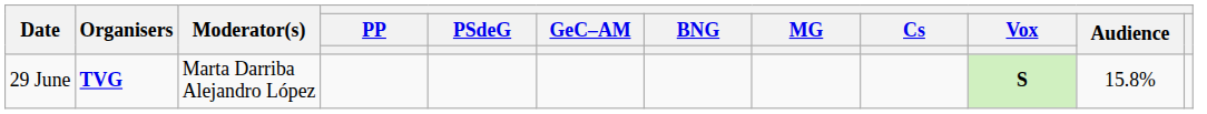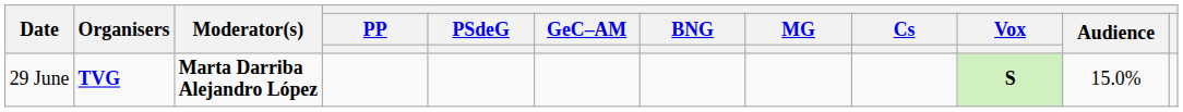 <table class="wikitable" style="text-align:center;">
 <tr>
 <th rowspan="3">Date</th>
 <th rowspan="3">Organisers</th>
 <th rowspan="3">Moderator(s)</th>
 <th colspan="9">    </th>
 </tr>
 <tr>
 <th scope="col" style="width:5em;"><a href='#'>PP</a></th>
 <th scope="col" style="width:5em;"><a href='#'>PSdeG</a></th>
 <th scope="col" style="width:5em;"><a href='#'>GeC–AM</a></th>
 <th scope="col" style="width:5em;"><a href='#'>BNG</a></th>
 <th scope="col" style="width:5em;"><a href='#'>MG</a></th>
 <th scope="col" style="width:5em;"><a href='#'>Cs</a></th>
 <th scope="col" style="width:5em;"><a href='#'>Vox</a></th>
 <th rowspan="2" scope="col" style="width:5em;">Audience</th>
 <th rowspan="2"></th>
 </tr>
 <tr>
 <th style="color:inherit;background:"></th>
 <th style="color:inherit;background:"></th>
 <th style="color:inherit;background:"></th>
 <th style="color:inherit;background:"></th>
 <th style="color:inherit;background:"></th>
 <th style="color:inherit;background:"></th>
 <th style="color:inherit;background:"></th>
 </tr>
 <tr>
 <td style="white-space:nowrap; text-align:left;">29 June</td>
 <td style="white-space:nowrap; text-align:left;"><strong><a href='#'>TVG</a></strong></td>
-<td style="white-space:nowrap; text-align:left;">Marta Darriba<br>Alejandro López</td>
+<td style="white-space:nowrap; text-align:left;"><strong>Marta Darriba<br>Alejandro López</strong></td>
 <td></td>
 <td></td>
 <td></td>
 <td></td>
 <td></td>
 <td></td>
 <td style="background:#D0F0C0;"><strong>S</strong><br></td>
-<td>15.8%</td>
+<td>15.0%</td>
 <td><br></td>
 </tr>
 </table>
